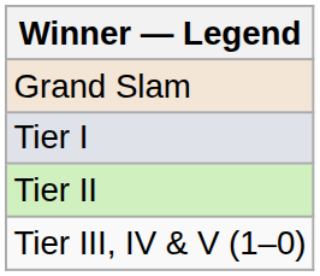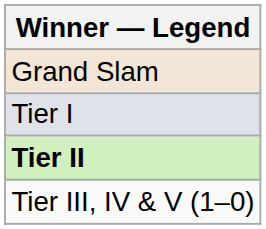 <table class=wikitable style=font-size:90%>
 <tr>
 <th>Winner — Legend</th>
 </tr>
 <tr>
 <td bgcolor=f3e6d7>Grand Slam</td>
 </tr>
 <tr>
 <td bgcolor=dfe2e9>Tier I</td>
 </tr>
 <tr>
-<td bgcolor=d0f0c0>Tier II</td>
+<td bgcolor=d0f0c0><strong>Tier II</strong></td>
 </tr>
 <tr>
 <td>Tier III, IV & V (1–0)</td>
 </tr>
 </table>
